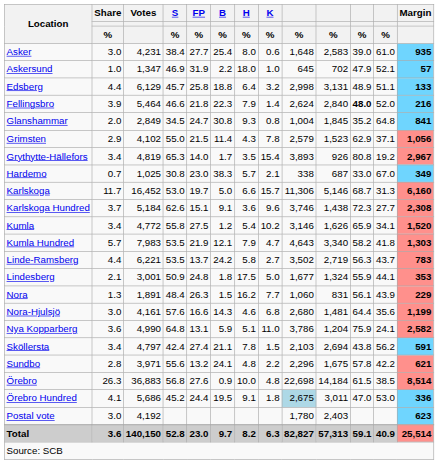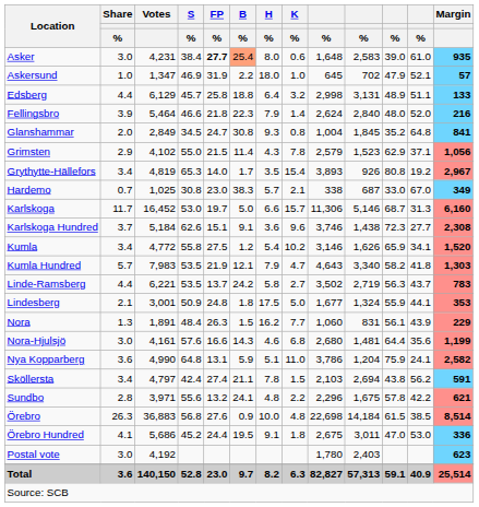 <table class="wikitable sortable" style="text-align:right; font-size:95%; line-height:20px;">
 <tr>
 <th rowspan="3">Location</th>
 <th>Share</th>
 <th>Votes</th>
 <th width="30px" class="unsortable"><a href='#'>S</a></th>
 <th width="30px" class="unsortable"><a href='#'>FP</a></th>
 <th width="30px" class="unsortable"><a href='#'>B</a></th>
 <th width="30px" class="unsortable"><a href='#'>H</a></th>
 <th width="30px" class="unsortable"><a href='#'>K</a></th>
 <th></th>
 <th></th>
 <th></th>
 <th></th>
 <th>Margin</th>
 </tr>
 <tr>
 <th></th>
 <th></th>
 <th style="background:"></th>
 <th style="background:"></th>
 <th style="background:"></th>
 <th style="background:"></th>
 <th style="background:"></th>
 <th style="background:"></th>
 <th style="background:"></th>
 <th style="background:"></th>
 <th style="background:"></th>
 <th></th>
 </tr>
 <tr>
 <th data-sort-type="number">%</th>
 <th></th>
 <th data-sort-type="number">%</th>
 <th data-sort-type="number">%</th>
 <th data-sort-type="number">%</th>
 <th data-sort-type="number">%</th>
 <th data-sort-type="number">%</th>
 <th data-sort-type="number">%</th>
 <th data-sort-type="number">%</th>
 <th data-sort-type="number">%</th>
 <th data-sort-type="number">%</th>
 <th data-sort-type="number"></th>
 </tr>
 <tr>
 <td align=left><a href='#'>Asker</a></td>
 <td>3.0</td>
 <td>4,231</td>
 <td>38.4</td>
-<td>27.7</td>
-<td>25.4</td>
+<td><strong>27.7</strong></td>
+<td style="background: lightsalmon;">25.4</td>
 <td>8.0</td>
 <td>0.6</td>
 <td>1,648</td>
 <td>2,583</td>
 <td>39.0</td>
 <td>61.0</td>
 <td bgcolor=#6fd5fe><strong>935</strong></td>
 </tr>
 <tr>
 <td align=left><a href='#'>Askersund</a></td>
 <td>1.0</td>
 <td>1,347</td>
 <td>46.9</td>
 <td>31.9</td>
 <td>2.2</td>
 <td>18.0</td>
 <td>1.0</td>
 <td>645</td>
 <td>702</td>
 <td>47.9</td>
 <td>52.1</td>
 <td bgcolor=#6fd5fe><strong>57</strong></td>
 </tr>
 <tr>
 <td align=left><a href='#'>Edsberg</a></td>
 <td>4.4</td>
 <td>6,129</td>
 <td>45.7</td>
 <td>25.8</td>
 <td>18.8</td>
 <td>6.4</td>
 <td>3.2</td>
 <td>2,998</td>
 <td>3,131</td>
 <td>48.9</td>
 <td>51.1</td>
 <td bgcolor=#6fd5fe><strong>133</strong></td>
 </tr>
 <tr>
 <td align=left><a href='#'>Fellingsbro</a></td>
 <td>3.9</td>
 <td>5,464</td>
 <td>46.6</td>
 <td>21.8</td>
 <td>22.3</td>
 <td>7.9</td>
 <td>1.4</td>
 <td>2,624</td>
 <td>2,840</td>
-<td><strong>48.0</strong></td>
+<td>48.0</td>
 <td>52.0</td>
 <td bgcolor=#6fd5fe><strong>216</strong></td>
 </tr>
 <tr>
 <td align=left><a href='#'>Glanshammar</a></td>
 <td>2.0</td>
 <td>2,849</td>
 <td>34.5</td>
 <td>24.7</td>
 <td>30.8</td>
 <td>9.3</td>
 <td>0.8</td>
 <td>1,004</td>
 <td>1,845</td>
 <td>35.2</td>
 <td>64.8</td>
 <td bgcolor=#6fd5fe><strong>841</strong></td>
 </tr>
 <tr>
 <td align=left><a href='#'>Grimsten</a></td>
 <td>2.9</td>
 <td>4,102</td>
 <td>55.0</td>
 <td>21.5</td>
 <td>11.4</td>
 <td>4.3</td>
 <td>7.8</td>
 <td>2,579</td>
 <td>1,523</td>
 <td>62.9</td>
 <td>37.1</td>
 <td bgcolor=#ff908c><strong>1,056</strong></td>
 </tr>
 <tr>
 <td align=left><a href='#'>Grythytte-Hällefors</a></td>
 <td>3.4</td>
 <td>4,819</td>
 <td>65.3</td>
 <td>14.0</td>
 <td>1.7</td>
 <td>3.5</td>
 <td>15.4</td>
 <td>3,893</td>
 <td>926</td>
 <td>80.8</td>
 <td>19.2</td>
 <td bgcolor=#ff908c><strong>2,967</strong></td>
 </tr>
 <tr>
 <td align=left><a href='#'>Hardemo</a></td>
 <td>0.7</td>
 <td>1,025</td>
 <td>30.8</td>
 <td>23.0</td>
 <td>38.3</td>
 <td>5.7</td>
 <td>2.1</td>
 <td>338</td>
 <td>687</td>
 <td>33.0</td>
 <td>67.0</td>
 <td bgcolor=#6fd5fe><strong>349</strong></td>
 </tr>
 <tr>
 <td align=left><a href='#'>Karlskoga</a></td>
 <td>11.7</td>
 <td>16,452</td>
 <td>53.0</td>
 <td>19.7</td>
 <td>5.0</td>
 <td>6.6</td>
 <td>15.7</td>
 <td>11,306</td>
 <td>5,146</td>
 <td>68.7</td>
 <td>31.3</td>
 <td bgcolor=#ff908c><strong>6,160</strong></td>
 </tr>
 <tr>
 <td align=left><a href='#'>Karlskoga Hundred</a></td>
 <td>3.7</td>
 <td>5,184</td>
 <td>62.6</td>
 <td>15.1</td>
 <td>9.1</td>
 <td>3.6</td>
 <td>9.6</td>
 <td>3,746</td>
 <td>1,438</td>
 <td>72.3</td>
 <td>27.7</td>
 <td bgcolor=#ff908c><strong>2,308</strong></td>
 </tr>
 <tr>
 <td align=left><a href='#'>Kumla</a></td>
 <td>3.4</td>
 <td>4,772</td>
 <td>55.8</td>
 <td>27.5</td>
 <td>1.2</td>
 <td>5.4</td>
 <td>10.2</td>
 <td>3,146</td>
 <td>1,626</td>
 <td>65.9</td>
 <td>34.1</td>
 <td bgcolor=#ff908c><strong>1,520</strong></td>
 </tr>
 <tr>
 <td align=left><a href='#'>Kumla Hundred</a></td>
 <td>5.7</td>
 <td>7,983</td>
 <td>53.5</td>
 <td>21.9</td>
 <td>12.1</td>
 <td>7.9</td>
 <td>4.7</td>
 <td>4,643</td>
 <td>3,340</td>
 <td>58.2</td>
 <td>41.8</td>
 <td bgcolor=#ff908c><strong>1,303</strong></td>
 </tr>
 <tr>
 <td align=left><a href='#'>Linde-Ramsberg</a></td>
 <td>4.4</td>
 <td>6,221</td>
 <td>53.5</td>
 <td>13.7</td>
 <td>24.2</td>
 <td>5.8</td>
 <td>2.7</td>
 <td>3,502</td>
 <td>2,719</td>
 <td>56.3</td>
 <td>43.7</td>
 <td bgcolor=#ff908c><strong>783</strong></td>
 </tr>
 <tr>
 <td align=left><a href='#'>Lindesberg</a></td>
 <td>2.1</td>
 <td>3,001</td>
 <td>50.9</td>
 <td>24.8</td>
 <td>1.8</td>
 <td>17.5</td>
 <td>5.0</td>
 <td>1,677</td>
 <td>1,324</td>
 <td>55.9</td>
 <td>44.1</td>
 <td bgcolor=#ff908c><strong>353</strong></td>
 </tr>
 <tr>
 <td align=left><a href='#'>Nora</a></td>
 <td>1.3</td>
 <td>1,891</td>
 <td>48.4</td>
 <td>26.3</td>
 <td>1.5</td>
 <td>16.2</td>
 <td>7.7</td>
 <td>1,060</td>
 <td>831</td>
 <td>56.1</td>
 <td>43.9</td>
 <td bgcolor=#ff908c><strong>229</strong></td>
 </tr>
 <tr>
 <td align=left><a href='#'>Nora-Hjulsjö</a></td>
 <td>3.0</td>
 <td>4,161</td>
 <td>57.6</td>
 <td>16.6</td>
 <td>14.3</td>
 <td>4.6</td>
 <td>6.8</td>
 <td>2,680</td>
 <td>1,481</td>
 <td>64.4</td>
 <td>35.6</td>
 <td bgcolor=#ff908c><strong>1,199</strong></td>
 </tr>
 <tr>
 <td align=left><a href='#'>Nya Kopparberg</a></td>
 <td>3.6</td>
 <td>4,990</td>
 <td>64.8</td>
 <td>13.1</td>
 <td>5.9</td>
 <td>5.1</td>
 <td>11.0</td>
 <td>3,786</td>
 <td>1,204</td>
 <td>75.9</td>
 <td>24.1</td>
 <td bgcolor=#ff908c><strong>2,582</strong></td>
 </tr>
 <tr>
 <td align=left><a href='#'>Sköllersta</a></td>
 <td>3.4</td>
 <td>4,797</td>
 <td>42.4</td>
 <td>27.4</td>
 <td>21.1</td>
 <td>7.8</td>
 <td>1.5</td>
 <td>2,103</td>
 <td>2,694</td>
 <td>43.8</td>
 <td>56.2</td>
 <td bgcolor=#6fd5fe><strong>591</strong></td>
 </tr>
 <tr>
 <td align=left><a href='#'>Sundbo</a></td>
 <td>2.8</td>
 <td>3,971</td>
 <td>55.6</td>
 <td>13.2</td>
 <td>24.1</td>
 <td>4.8</td>
 <td>2.2</td>
 <td>2,296</td>
 <td>1,675</td>
 <td>57.8</td>
 <td>42.2</td>
 <td bgcolor=#ff908c><strong>621</strong></td>
 </tr>
 <tr>
 <td align=left><a href='#'>Örebro</a></td>
 <td>26.3</td>
 <td>36,883</td>
 <td>56.8</td>
 <td>27.6</td>
 <td>0.9</td>
 <td>10.0</td>
 <td>4.8</td>
 <td>22,698</td>
 <td>14,184</td>
 <td>61.5</td>
 <td>38.5</td>
 <td bgcolor=#ff908c><strong>8,514</strong></td>
 </tr>
 <tr>
 <td align=left><a href='#'>Örebro Hundred</a></td>
 <td>4.1</td>
 <td>5,686</td>
 <td>45.2</td>
 <td>24.4</td>
 <td>19.5</td>
 <td>9.1</td>
 <td>1.8</td>
-<td style="background: lightblue;">2,675</td>
+<td>2,675</td>
 <td>3,011</td>
 <td>47.0</td>
 <td>53.0</td>
 <td bgcolor=#6fd5fe><strong>336</strong></td>
 </tr>
 <tr>
 <td align=left><a href='#'>Postal vote</a></td>
 <td>3.0</td>
 <td>4,192</td>
 <td></td>
 <td></td>
 <td></td>
 <td></td>
 <td></td>
 <td>1,780</td>
 <td>2,403</td>
 <td></td>
 <td></td>
 <td bgcolor=#6fd5fe><strong>623</strong></td>
 </tr>
 <tr>
 </tr>
 <tr style="background:#CDCDCD;">
 <td align=left><strong>Total</strong></td>
 <td><strong>3.6</strong></td>
 <td><strong>140,150</strong></td>
 <td><strong>52.8</strong></td>
 <td><strong>23.0</strong></td>
 <td><strong>9.7</strong></td>
 <td><strong>8.2</strong></td>
 <td><strong>6.3</strong></td>
 <td><strong>82,827</strong></td>
 <td><strong>57,313</strong></td>
 <td><strong>59.1</strong></td>
 <td><strong>40.9</strong></td>
 <td bgcolor=#ff908c><strong>25,514</strong></td>
 </tr>
 <tr>
 <td align=left colspan=13>Source: SCB </td>
 </tr>
 </table>
